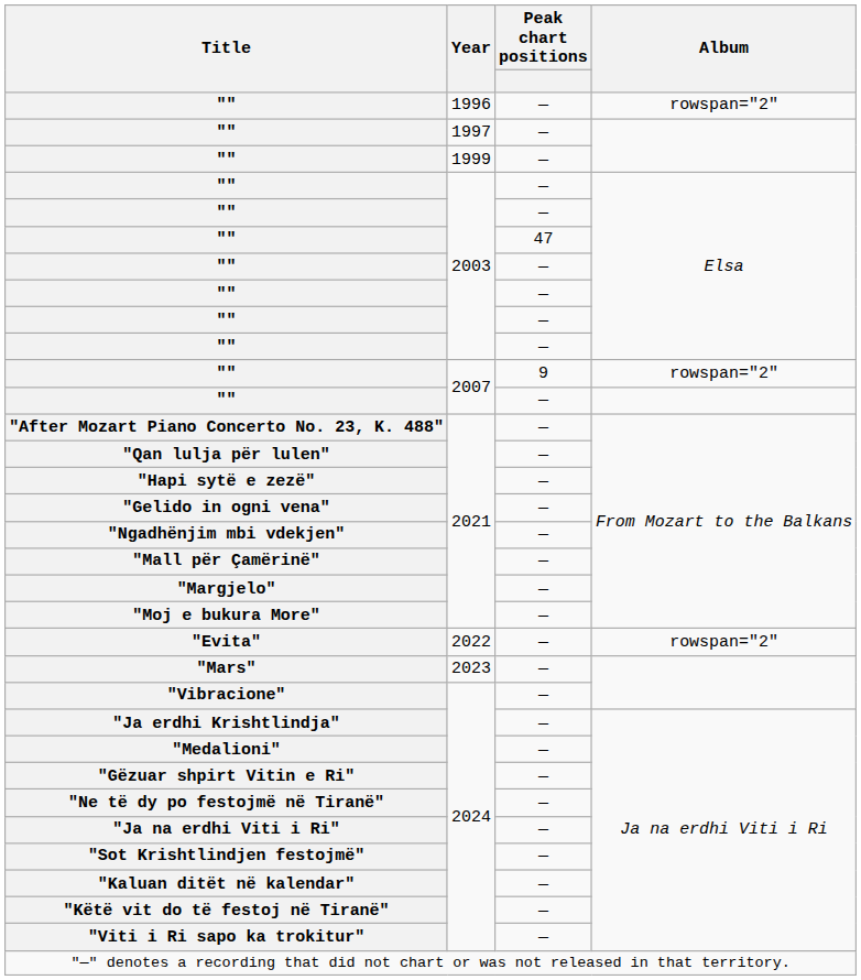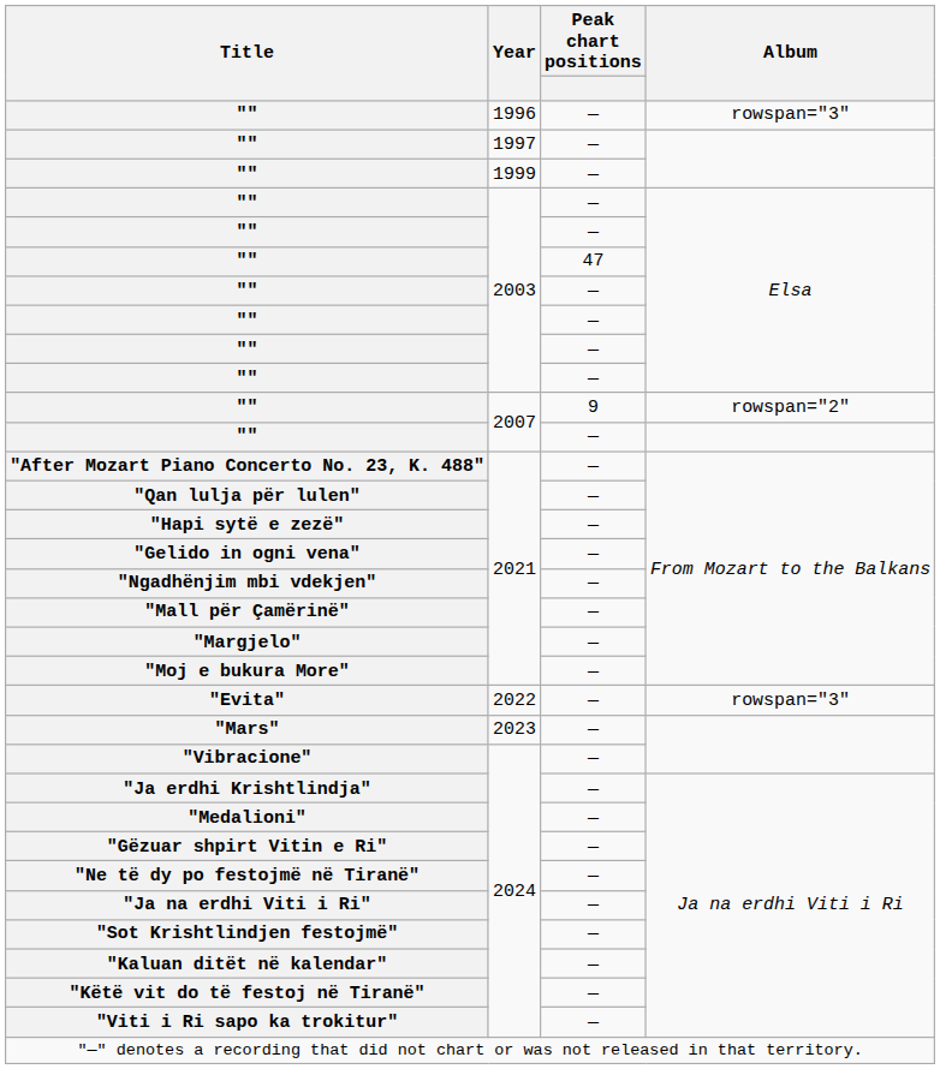 <table class="wikitable plainrowheaders" style="text-align:center;">
 <tr>
 <th scope="col" rowspan="2">Title</th>
 <th scope="col" rowspan="2">Year</th>
 <th scope="col" colspan="1">Peak<br>chart<br>positions</th>
 <th scope="col" rowspan="2">Album</th>
 </tr>
 <tr>
 <th scope=col style="width:3em; font-size:85%;"><a href='#'></a><br></th>
 </tr>
 <tr>
 <th scope="row">""</th>
 <td>1996</td>
 <td>—</td>
-<td>rowspan="2" </td>
+<td>rowspan="3" </td>
 </tr>
 <tr>
 <th scope="row">""</th>
 <td>1997</td>
 <td>—</td>
 </tr>
 <tr>
 <th scope="row">""</th>
 <td>1999</td>
 <td>—</td>
 </tr>
 <tr>
 <th scope="row">""</th>
 <td rowspan="7">2003</td>
 <td>—</td>
 <td rowspan="7"><em>Elsa</em></td>
 </tr>
 <tr>
 <th scope="row">""</th>
 <td>—</td>
 </tr>
 <tr>
 <th scope="row">""</th>
 <td>47</td>
 </tr>
 <tr>
 <th scope="row">""</th>
 <td>—</td>
 </tr>
 <tr>
 <th scope="row">""</th>
 <td>—</td>
 </tr>
 <tr>
 <th scope="row">""</th>
 <td>—</td>
 </tr>
 <tr>
 <th scope="row">""</th>
 <td>—</td>
 </tr>
 <tr>
 <th scope="row">""</th>
 <td rowspan="2">2007</td>
 <td>9</td>
 <td>rowspan="2" </td>
 </tr>
 <tr>
 <th scope="row">""</th>
 <td>—</td>
 </tr>
 <tr>
 <th scope="row">"After Mozart Piano Concerto No. 23, K. 488"</th>
 <td rowspan="8">2021</td>
 <td>—</td>
 <td rowspan="8"><em>From Mozart to the Balkans</em></td>
 </tr>
 <tr>
 <th scope="row">"Qan lulja për lulen"</th>
 <td>—</td>
 </tr>
 <tr>
 <th scope="row">"Hapi sytë e zezë"</th>
 <td>—</td>
 </tr>
 <tr>
 <th scope="row">"Gelido in ogni vena"</th>
 <td>—</td>
 </tr>
 <tr>
 <th scope="row">"Ngadhënjim mbi vdekjen"</th>
 <td>—</td>
 </tr>
 <tr>
 <th scope="row">"Mall për Çamërinë"</th>
 <td>—</td>
 </tr>
 <tr>
 <th scope="row">"Margjelo"</th>
 <td>—</td>
 </tr>
 <tr>
 <th scope="row">"Moj e bukura More"</th>
 <td>—</td>
 </tr>
 <tr>
 <th scope="row">"Evita"</th>
 <td>2022</td>
 <td>—</td>
-<td>rowspan="2" </td>
+<td>rowspan="3" </td>
 </tr>
 <tr>
 <th scope="row">"Mars"</th>
 <td>2023</td>
 <td>—</td>
 </tr>
 <tr>
 <th scope="row">"Vibracione"</th>
 <td rowspan="10">2024</td>
 <td>—</td>
 </tr>
 <tr>
 <th scope="row">"Ja erdhi Krishtlindja"</th>
 <td>—</td>
 <td rowspan="9"><em>Ja na erdhi Viti i Ri</em></td>
 </tr>
 <tr>
 <th scope="row">"Medalioni"</th>
 <td>—</td>
 </tr>
 <tr>
 <th scope="row">"Gëzuar shpirt Vitin e Ri"</th>
 <td>—</td>
 </tr>
 <tr>
 <th scope="row">"Ne të dy po festojmë në Tiranë"</th>
 <td>—</td>
 </tr>
 <tr>
 <th scope="row">"Ja na erdhi Viti i Ri"</th>
 <td>—</td>
 </tr>
 <tr>
 <th scope="row">"Sot Krishtlindjen festojmë"</th>
 <td>—</td>
 </tr>
 <tr>
 <th scope="row">"Kaluan ditët në kalendar"</th>
 <td>—</td>
 </tr>
 <tr>
 <th scope="row">"Këtë vit do të festoj në Tiranë"</th>
 <td>—</td>
 </tr>
 <tr>
 <th scope="row">"Viti i Ri sapo ka trokitur"</th>
 <td>—</td>
 </tr>
 <tr>
 <td colspan="4" style="font-size:90%">"—" denotes a recording that did not chart or was not released in that territory.</td>
 </tr>
 </table>
